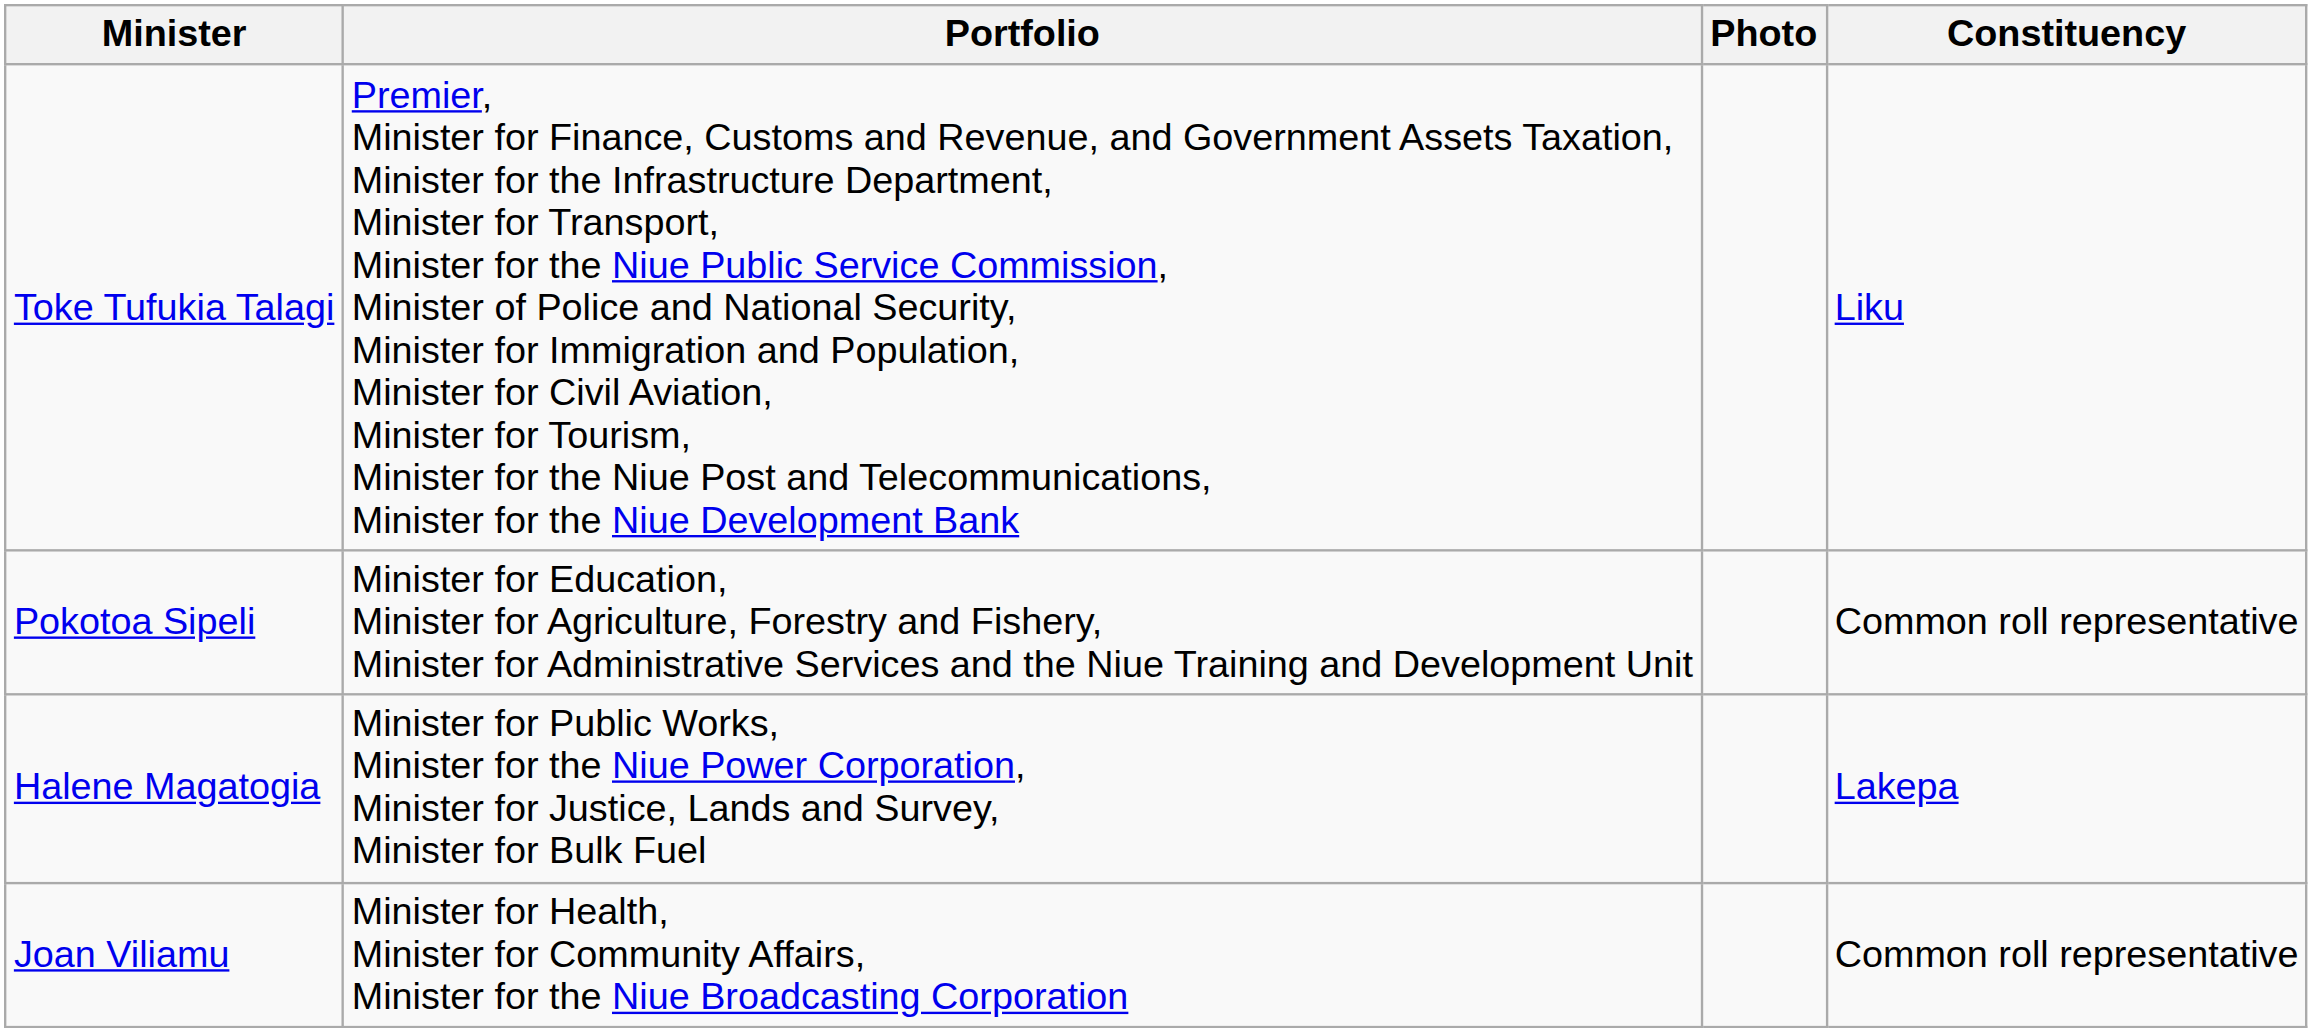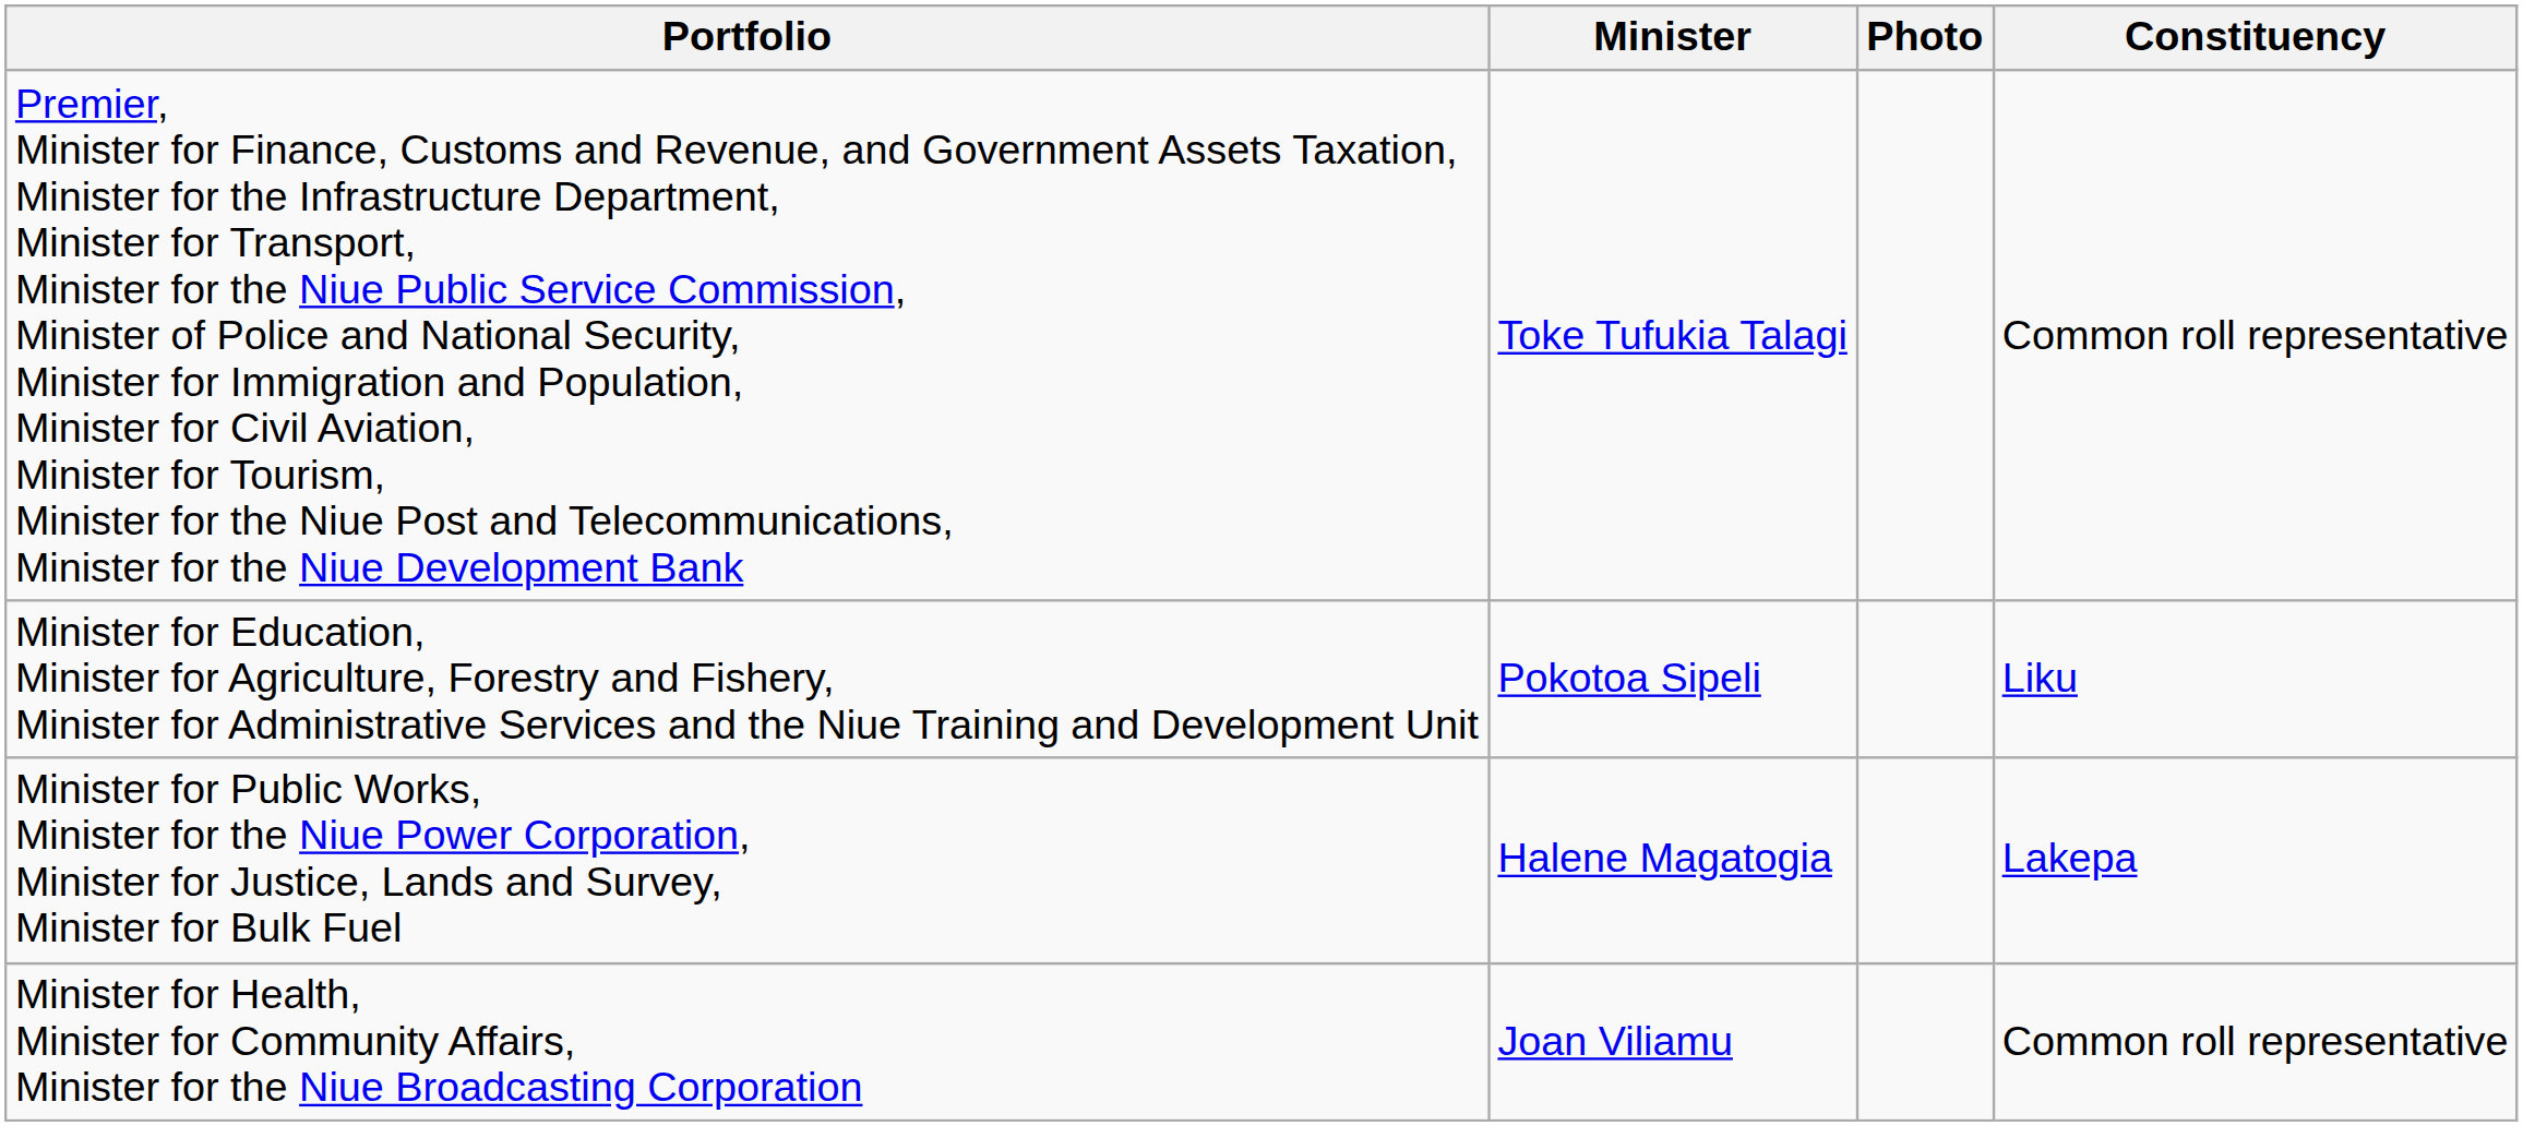 <table class="wikitable">
 <tr>
+<th>Portfolio</th>
 <th>Minister</th>
-<th>Portfolio</th>
 <th>Photo</th>
 <th>Constituency</th>
 </tr>
 <tr>
+<td><a href='#'>Premier</a>,<br>Minister for Finance, Customs and Revenue, and Government Assets Taxation,<br>Minister for the Infrastructure Department,<br>Minister for Transport,<br>Minister for the <a href='#'>Niue Public Service Commission</a>,<br>Minister of Police and National Security,<br>Minister for Immigration and Population,<br>Minister for Civil Aviation,<br>Minister for Tourism,<br>Minister for the Niue Post and Telecommunications,<br>Minister for the <a href='#'>Niue Development Bank</a></td>
 <td><a href='#'>Toke Tufukia Talagi</a></td>
-<td><a href='#'>Premier</a>,<br>Minister for Finance, Customs and Revenue, and Government Assets Taxation,<br>Minister for the Infrastructure Department,<br>Minister for Transport,<br>Minister for the <a href='#'>Niue Public Service Commission</a>,<br>Minister of Police and National Security,<br>Minister for Immigration and Population,<br>Minister for Civil Aviation,<br>Minister for Tourism,<br>Minister for the Niue Post and Telecommunications,<br>Minister for the <a href='#'>Niue Development Bank</a></td>
+<td></td>
+<td>Common roll representative</td>
+</tr>
+<tr>
+<td>Minister for Education,<br>Minister for Agriculture, Forestry and Fishery,<br>Minister for Administrative Services and the Niue Training and Development Unit</td>
+<td><a href='#'>Pokotoa Sipeli</a></td>
 <td></td>
 <td><a href='#'>Liku</a></td>
 </tr>
 <tr>
-<td><a href='#'>Pokotoa Sipeli</a></td>
-<td>Minister for Education,<br>Minister for Agriculture, Forestry and Fishery,<br>Minister for Administrative Services and the Niue Training and Development Unit</td>
-<td></td>
-<td>Common roll representative</td>
-</tr>
-<tr>
+<td>Minister for Public Works,<br>Minister for the <a href='#'>Niue Power Corporation</a>,<br>Minister for Justice, Lands and Survey,<br>Minister for Bulk Fuel</td>
 <td><a href='#'>Halene Magatogia</a></td>
-<td>Minister for Public Works,<br>Minister for the <a href='#'>Niue Power Corporation</a>,<br>Minister for Justice, Lands and Survey,<br>Minister for Bulk Fuel</td>
 <td></td>
 <td><a href='#'>Lakepa</a></td>
 </tr>
 <tr>
+<td>Minister for Health,<br>Minister for Community Affairs,<br>Minister for the <a href='#'>Niue Broadcasting Corporation</a></td>
 <td><a href='#'>Joan Viliamu</a></td>
-<td>Minister for Health,<br>Minister for Community Affairs,<br>Minister for the <a href='#'>Niue Broadcasting Corporation</a></td>
 <td></td>
 <td>Common roll representative</td>
 </tr>
 </table>
